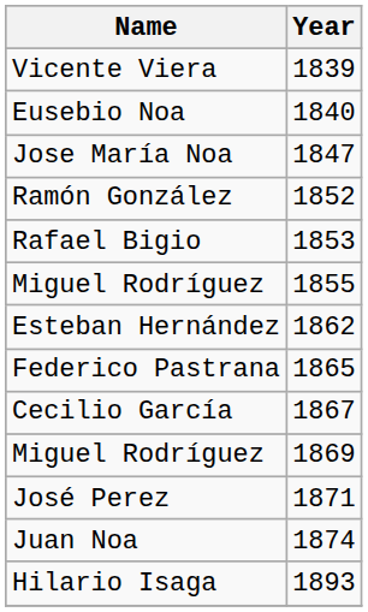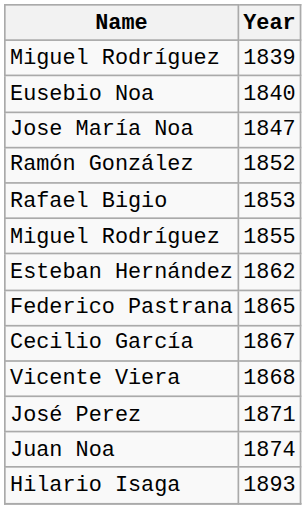 <table class="wikitable">
 <tr>
 <th>Name</th>
 <th>Year</th>
 </tr>
 <tr>
-<td>Vicente Viera</td>
+<td>Miguel Rodríguez</td>
 <td>1839</td>
 </tr>
 <tr>
 <td>Eusebio Noa</td>
 <td>1840</td>
 </tr>
 <tr>
 <td>Jose María Noa</td>
 <td>1847</td>
 </tr>
 <tr>
 <td>Ramón González</td>
 <td>1852</td>
 </tr>
 <tr>
 <td>Rafael Bigio</td>
 <td>1853</td>
 </tr>
 <tr>
 <td>Miguel Rodríguez</td>
 <td>1855</td>
 </tr>
 <tr>
 <td>Esteban Hernández</td>
 <td>1862</td>
 </tr>
 <tr>
 <td>Federico Pastrana</td>
 <td>1865</td>
 </tr>
 <tr>
 <td>Cecilio García</td>
 <td>1867</td>
 </tr>
 <tr>
-<td>Miguel Rodríguez</td>
-<td>1869</td>
+<td>Vicente Viera</td>
+<td>1868</td>
 </tr>
 <tr>
 <td>José Perez</td>
 <td>1871</td>
 </tr>
 <tr>
 <td>Juan Noa</td>
 <td>1874</td>
 </tr>
 <tr>
 <td>Hilario Isaga</td>
 <td>1893</td>
 </tr>
 <tr>
 </tr>
 </table>
